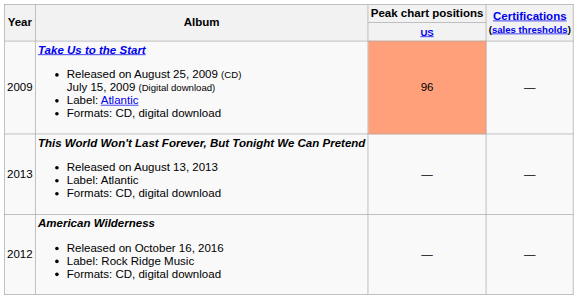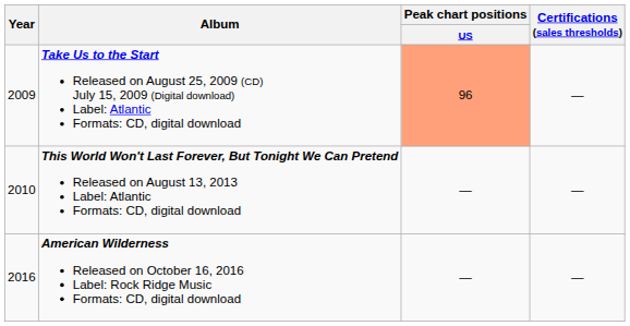 <table class="wikitable">
 <tr>
 <th style="text-align:center;" rowspan="2">Year</th>
 <th style="text-align:center;" rowspan="2">Album</th>
 <th style="text-align:center;">Peak chart positions</th>
 <th style="text-align:center;" rowspan="2"><a href='#'>Certifications</a><br><small>(<a href='#'>sales thresholds</a>)</small></th>
 </tr>
 <tr>
 <th style="text-align:center;"><small><a href='#'>US</a></small></th>
 </tr>
 <tr>
 <td style="text-align:center;">2009</td>
 <td><strong><em><a href='#'>Take Us to the Start</a></em></strong><br><ul><li>Released on August 25, 2009 <small>(CD)</small><br> July 15, 2009 <small>(Digital download)</small></li><li>Label: <a href='#'>Atlantic</a></li><li>Formats: CD, digital download</li></ul></td>
 <td style="background: lightsalmon; text-align:center;">96</td>
 <td style="text-align:center;">—</td>
 </tr>
 <tr>
-<td style="text-align:center;">2013</td>
+<td style="text-align:center;">2010</td>
 <td><strong><em>This World Won't Last Forever, But Tonight We Can Pretend</em></strong><br><ul><li>Released on August 13, 2013</li><li>Label: Atlantic</li><li>Formats: CD, digital download</li></ul></td>
 <td style="text-align:center;">—</td>
 <td style="text-align:center;">—</td>
 </tr>
 <tr>
-<td style="text-align:center;">2012</td>
+<td style="text-align:center;">2016</td>
 <td><strong><em>American Wilderness</em></strong><br><ul><li>Released on October 16, 2016</li><li>Label: Rock Ridge Music</li><li>Formats: CD, digital download</li></ul></td>
 <td style="text-align:center;">—</td>
 <td style="text-align:center;">—</td>
 </tr>
 </table>
